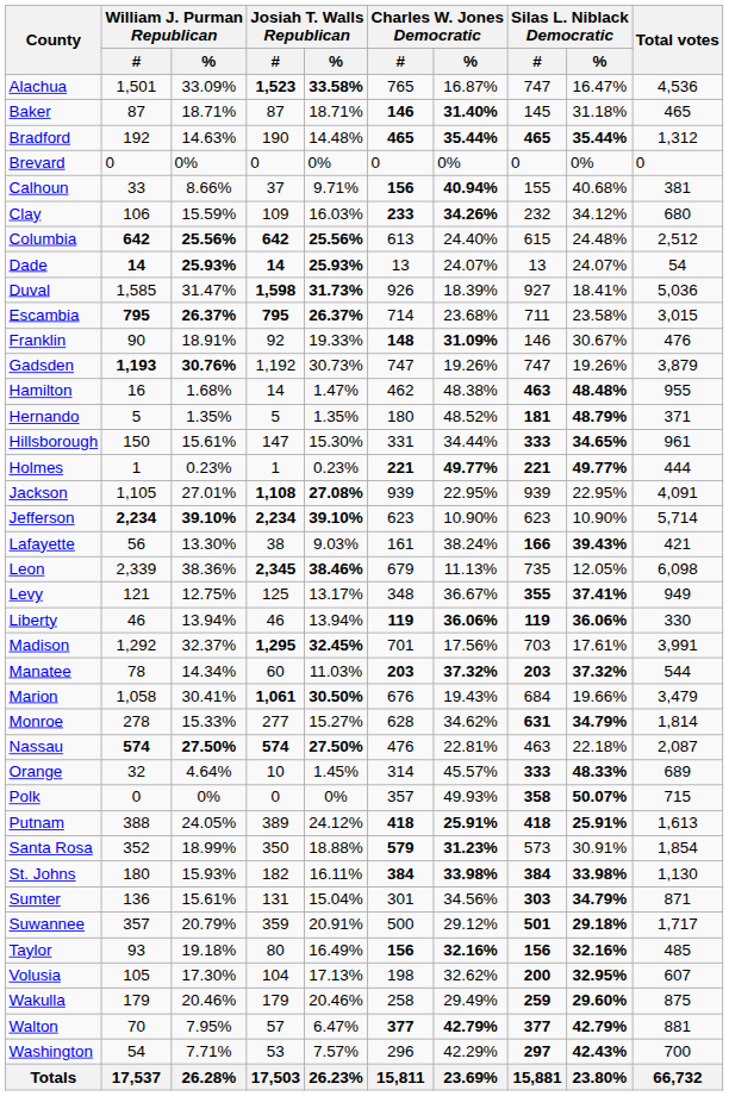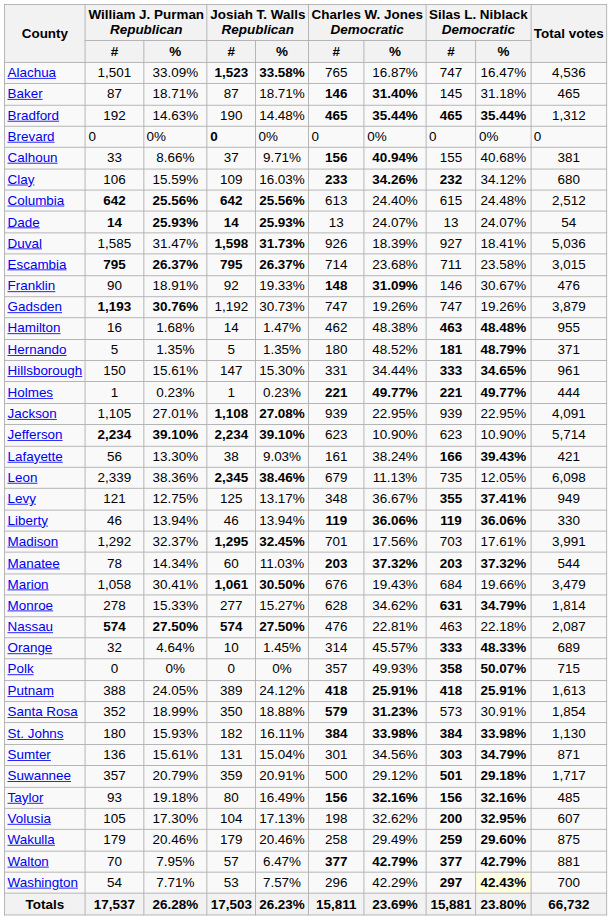 <table class="wikitable sortable">
 <tr>
 <th rowspan="2">County</th>
 <th colspan="2" style="text-align: center;" >William J. Purman <br><em>Republican</em></th>
 <th colspan="2" style="text-align: center;" >Josiah T. Walls <br><em>Republican</em></th>
 <th colspan="2" style="text-align: center;" >Charles W. Jones <br> <em>Democratic</em></th>
 <th colspan="2" style="text-align: center;" >Silas L. Niblack <br> <em>Democratic</em></th>
 <th rowspan="2">Total votes</th>
 </tr>
 <tr>
 <th colspan="1" style="text-align: center;" >#</th>
 <th colspan="1" style="text-align: center;" >%</th>
 <th colspan="1" style="text-align: center;" >#</th>
 <th colspan="1" style="text-align: center;" >%</th>
 <th colspan="1" style="text-align: center;" >#</th>
 <th colspan="1" style="text-align: center;" >%</th>
 <th colspan="1" style="text-align: center;" >#</th>
 <th colspan="1" style="text-align: center;" >%</th>
 </tr>
 <tr>
 <td><a href='#'>Alachua</a></td>
 <td align="center">1,501</td>
 <td align="center">33.09%</td>
 <td align="center"><strong>1,523</strong></td>
 <td align="center"><strong>33.58%</strong></td>
 <td align="center">765</td>
 <td align="center">16.87%</td>
 <td align="center">747</td>
 <td align="center">16.47%</td>
 <td align="center">4,536</td>
 </tr>
 <tr>
 <td><a href='#'>Baker</a></td>
 <td align="center">87</td>
 <td align="center">18.71%</td>
 <td align="center">87</td>
 <td align="center">18.71%</td>
 <td align="center"><strong>146</strong></td>
 <td align="center"><strong>31.40%</strong></td>
 <td align="center">145</td>
 <td align="center">31.18%</td>
 <td align="center">465</td>
 </tr>
 <tr>
 <td><a href='#'>Bradford</a></td>
 <td align="center">192</td>
 <td align="center">14.63%</td>
 <td align="center">190</td>
 <td align="center">14.48%</td>
 <td align="center"><strong>465</strong></td>
 <td align="center"><strong>35.44%</strong></td>
 <td align="center"><strong>465</strong></td>
 <td align="center"><strong>35.44%</strong></td>
 <td align="center">1,312</td>
 </tr>
 <tr>
 <td><a href='#'>Brevard</a></td>
 <td>0</td>
 <td>0%</td>
-<td>0</td>
+<td><strong>0</strong></td>
 <td>0%</td>
 <td>0</td>
 <td>0%</td>
 <td>0</td>
 <td>0%</td>
 <td>0</td>
 </tr>
 <tr>
 <td><a href='#'>Calhoun</a></td>
 <td align="center">33</td>
 <td align="center">8.66%</td>
 <td align="center">37</td>
 <td align="center">9.71%</td>
 <td align="center"><strong>156</strong></td>
 <td align="center"><strong>40.94%</strong></td>
 <td align="center">155</td>
 <td align="center">40.68%</td>
 <td align="center">381</td>
 </tr>
 <tr>
 <td><a href='#'>Clay</a></td>
 <td align="center">106</td>
 <td align="center">15.59%</td>
 <td align="center">109</td>
 <td align="center">16.03%</td>
 <td align="center"><strong>233</strong></td>
 <td align="center"><strong>34.26%</strong></td>
-<td align="center">232</td>
+<td align="center"><strong>232</strong></td>
 <td align="center">34.12%</td>
 <td align="center">680</td>
 </tr>
 <tr>
 <td><a href='#'>Columbia</a></td>
 <td align="center"><strong>642</strong></td>
 <td align="center"><strong>25.56%</strong></td>
 <td align="center"><strong>642</strong></td>
 <td align="center"><strong>25.56%</strong></td>
 <td align="center">613</td>
 <td align="center">24.40%</td>
 <td align="center">615</td>
 <td align="center">24.48%</td>
 <td align="center">2,512</td>
 </tr>
 <tr>
 <td><a href='#'>Dade</a></td>
 <td align="center"><strong>14</strong></td>
 <td align="center"><strong>25.93%</strong></td>
 <td align="center"><strong>14</strong></td>
 <td align="center"><strong>25.93%</strong></td>
 <td align="center">13</td>
 <td align="center">24.07%</td>
 <td align="center">13</td>
 <td align="center">24.07%</td>
 <td align="center">54</td>
 </tr>
 <tr>
 <td><a href='#'>Duval</a></td>
 <td align="center">1,585</td>
 <td align="center">31.47%</td>
 <td align="center"><strong>1,598</strong></td>
 <td align="center"><strong>31.73%</strong></td>
 <td align="center">926</td>
 <td align="center">18.39%</td>
 <td align="center">927</td>
 <td align="center">18.41%</td>
 <td align="center">5,036</td>
 </tr>
 <tr>
 <td><a href='#'>Escambia</a></td>
 <td align="center"><strong>795</strong></td>
 <td align="center"><strong>26.37%</strong></td>
 <td align="center"><strong>795</strong></td>
 <td align="center"><strong>26.37%</strong></td>
 <td align="center">714</td>
 <td align="center">23.68%</td>
 <td align="center">711</td>
 <td align="center">23.58%</td>
 <td align="center">3,015</td>
 </tr>
 <tr>
 <td><a href='#'>Franklin</a></td>
 <td align="center">90</td>
 <td align="center">18.91%</td>
 <td align="center">92</td>
 <td align="center">19.33%</td>
 <td align="center"><strong>148</strong></td>
 <td align="center"><strong>31.09%</strong></td>
 <td align="center">146</td>
 <td align="center">30.67%</td>
 <td align="center">476</td>
 </tr>
 <tr>
 <td><a href='#'>Gadsden</a></td>
 <td align="center"><strong>1,193</strong></td>
 <td align="center"><strong>30.76%</strong></td>
 <td align="center">1,192</td>
 <td align="center">30.73%</td>
 <td align="center">747</td>
 <td align="center">19.26%</td>
 <td align="center">747</td>
 <td align="center">19.26%</td>
 <td align="center">3,879</td>
 </tr>
 <tr>
 <td><a href='#'>Hamilton</a></td>
 <td align="center">16</td>
 <td align="center">1.68%</td>
 <td align="center">14</td>
 <td align="center">1.47%</td>
 <td align="center">462</td>
 <td align="center">48.38%</td>
 <td align="center"><strong>463</strong></td>
 <td align="center"><strong>48.48%</strong></td>
 <td align="center">955</td>
 </tr>
 <tr>
 <td><a href='#'>Hernando</a></td>
 <td align="center">5</td>
 <td align="center">1.35%</td>
 <td align="center">5</td>
 <td align="center">1.35%</td>
 <td align="center">180</td>
 <td align="center">48.52%</td>
 <td align="center"><strong>181</strong></td>
 <td align="center"><strong>48.79%</strong></td>
 <td align="center">371</td>
 </tr>
 <tr>
 <td><a href='#'>Hillsborough</a></td>
 <td align="center">150</td>
 <td align="center">15.61%</td>
 <td align="center">147</td>
 <td align="center">15.30%</td>
 <td align="center">331</td>
 <td align="center">34.44%</td>
 <td align="center"><strong>333</strong></td>
 <td align="center"><strong>34.65%</strong></td>
 <td align="center">961</td>
 </tr>
 <tr>
 <td><a href='#'>Holmes</a></td>
 <td align="center">1</td>
 <td align="center">0.23%</td>
 <td align="center">1</td>
 <td align="center">0.23%</td>
 <td align="center"><strong>221</strong></td>
 <td align="center"><strong>49.77%</strong></td>
 <td align="center"><strong>221</strong></td>
 <td align="center"><strong>49.77%</strong></td>
 <td align="center">444</td>
 </tr>
 <tr>
 <td><a href='#'>Jackson</a></td>
 <td align="center">1,105</td>
 <td align="center">27.01%</td>
 <td align="center"><strong>1,108</strong></td>
 <td align="center"><strong>27.08%</strong></td>
 <td align="center">939</td>
 <td align="center">22.95%</td>
 <td align="center">939</td>
 <td align="center">22.95%</td>
 <td align="center">4,091</td>
 </tr>
 <tr>
 <td><a href='#'>Jefferson</a></td>
 <td align="center"><strong>2,234</strong></td>
 <td align="center"><strong>39.10%</strong></td>
 <td align="center"><strong>2,234</strong></td>
 <td align="center"><strong>39.10%</strong></td>
 <td align="center">623</td>
 <td align="center">10.90%</td>
 <td align="center">623</td>
 <td align="center">10.90%</td>
 <td align="center">5,714</td>
 </tr>
 <tr>
 <td><a href='#'>Lafayette</a></td>
 <td align="center">56</td>
 <td align="center">13.30%</td>
 <td align="center">38</td>
 <td align="center">9.03%</td>
 <td align="center">161</td>
 <td align="center">38.24%</td>
 <td align="center"><strong>166</strong></td>
 <td align="center"><strong>39.43%</strong></td>
 <td align="center">421</td>
 </tr>
 <tr>
 <td><a href='#'>Leon</a></td>
 <td align="center">2,339</td>
 <td align="center">38.36%</td>
 <td align="center"><strong>2,345</strong></td>
 <td align="center"><strong>38.46%</strong></td>
 <td align="center">679</td>
 <td align="center">11.13%</td>
 <td align="center">735</td>
 <td align="center">12.05%</td>
 <td align="center">6,098</td>
 </tr>
 <tr>
 <td><a href='#'>Levy</a></td>
 <td align="center">121</td>
 <td align="center">12.75%</td>
 <td align="center">125</td>
 <td align="center">13.17%</td>
 <td align="center">348</td>
 <td align="center">36.67%</td>
 <td align="center"><strong>355</strong></td>
 <td align="center"><strong>37.41%</strong></td>
 <td align="center">949</td>
 </tr>
 <tr>
 <td><a href='#'>Liberty</a></td>
 <td align="center">46</td>
 <td align="center">13.94%</td>
 <td align="center">46</td>
 <td align="center">13.94%</td>
 <td align="center"><strong>119</strong></td>
 <td align="center"><strong>36.06%</strong></td>
 <td align="center"><strong>119</strong></td>
 <td align="center"><strong>36.06%</strong></td>
 <td align="center">330</td>
 </tr>
 <tr>
 <td><a href='#'>Madison</a></td>
 <td align="center">1,292</td>
 <td align="center">32.37%</td>
 <td align="center"><strong>1,295</strong></td>
 <td align="center"><strong>32.45%</strong></td>
 <td align="center">701</td>
 <td align="center">17.56%</td>
 <td align="center">703</td>
 <td align="center">17.61%</td>
 <td align="center">3,991</td>
 </tr>
 <tr>
 <td><a href='#'>Manatee</a></td>
 <td align="center">78</td>
 <td align="center">14.34%</td>
 <td align="center">60</td>
 <td align="center">11.03%</td>
 <td align="center"><strong>203</strong></td>
 <td align="center"><strong>37.32%</strong></td>
 <td align="center"><strong>203</strong></td>
 <td align="center"><strong>37.32%</strong></td>
 <td align="center">544</td>
 </tr>
 <tr>
 <td><a href='#'>Marion</a></td>
 <td align="center">1,058</td>
 <td align="center">30.41%</td>
 <td align="center"><strong>1,061</strong></td>
 <td align="center"><strong>30.50%</strong></td>
 <td align="center">676</td>
 <td align="center">19.43%</td>
 <td align="center">684</td>
 <td align="center">19.66%</td>
 <td align="center">3,479</td>
 </tr>
 <tr>
 <td><a href='#'>Monroe</a></td>
 <td align="center">278</td>
 <td align="center">15.33%</td>
 <td align="center">277</td>
 <td align="center">15.27%</td>
 <td align="center">628</td>
 <td align="center">34.62%</td>
 <td align="center"><strong>631</strong></td>
 <td align="center"><strong>34.79%</strong></td>
 <td align="center">1,814</td>
 </tr>
 <tr>
 <td><a href='#'>Nassau</a></td>
 <td align="center"><strong>574</strong></td>
 <td align="center"><strong>27.50%</strong></td>
 <td align="center"><strong>574</strong></td>
 <td align="center"><strong>27.50%</strong></td>
 <td align="center">476</td>
 <td align="center">22.81%</td>
 <td align="center">463</td>
 <td align="center">22.18%</td>
 <td align="center">2,087</td>
 </tr>
 <tr>
 <td><a href='#'>Orange</a></td>
 <td align="center">32</td>
 <td align="center">4.64%</td>
 <td align="center">10</td>
 <td align="center">1.45%</td>
 <td align="center">314</td>
 <td align="center">45.57%</td>
 <td align="center"><strong>333</strong></td>
 <td align="center"><strong>48.33%</strong></td>
 <td align="center">689</td>
 </tr>
 <tr>
 <td><a href='#'>Polk</a></td>
 <td align="center">0</td>
 <td align="center">0%</td>
 <td align="center">0</td>
 <td align="center">0%</td>
 <td align="center">357</td>
 <td align="center">49.93%</td>
 <td align="center"><strong>358</strong></td>
 <td align="center"><strong>50.07%</strong></td>
 <td align="center">715</td>
 </tr>
 <tr>
 <td><a href='#'>Putnam</a></td>
 <td align="center">388</td>
 <td align="center">24.05%</td>
 <td align="center">389</td>
 <td align="center">24.12%</td>
 <td align="center"><strong>418</strong></td>
 <td align="center"><strong>25.91%</strong></td>
 <td align="center"><strong>418</strong></td>
 <td align="center"><strong>25.91%</strong></td>
 <td align="center">1,613</td>
 </tr>
 <tr>
 <td><a href='#'>Santa Rosa</a></td>
 <td align="center">352</td>
 <td align="center">18.99%</td>
 <td align="center">350</td>
 <td align="center">18.88%</td>
 <td align="center"><strong>579</strong></td>
 <td align="center"><strong>31.23%</strong></td>
 <td align="center">573</td>
 <td align="center">30.91%</td>
 <td align="center">1,854</td>
 </tr>
 <tr>
 <td><a href='#'>St. Johns</a></td>
 <td align="center">180</td>
 <td align="center">15.93%</td>
 <td align="center">182</td>
 <td align="center">16.11%</td>
 <td align="center"><strong>384</strong></td>
 <td align="center"><strong>33.98%</strong></td>
 <td align="center"><strong>384</strong></td>
 <td align="center"><strong>33.98%</strong></td>
 <td align="center">1,130</td>
 </tr>
 <tr>
 <td><a href='#'>Sumter</a></td>
 <td align="center">136</td>
 <td align="center">15.61%</td>
 <td align="center">131</td>
 <td align="center">15.04%</td>
 <td align="center">301</td>
 <td align="center">34.56%</td>
 <td align="center"><strong>303</strong></td>
 <td align="center"><strong>34.79%</strong></td>
 <td align="center">871</td>
 </tr>
 <tr>
 <td><a href='#'>Suwannee</a></td>
 <td align="center">357</td>
 <td align="center">20.79%</td>
 <td align="center">359</td>
 <td align="center">20.91%</td>
 <td align="center">500</td>
 <td align="center">29.12%</td>
 <td align="center"><strong>501</strong></td>
 <td align="center"><strong>29.18%</strong></td>
 <td align="center">1,717</td>
 </tr>
 <tr>
 <td><a href='#'>Taylor</a></td>
 <td align="center">93</td>
 <td align="center">19.18%</td>
 <td align="center">80</td>
 <td align="center">16.49%</td>
 <td align="center"><strong>156</strong></td>
 <td align="center"><strong>32.16%</strong></td>
 <td align="center"><strong>156</strong></td>
 <td align="center"><strong>32.16%</strong></td>
 <td align="center">485</td>
 </tr>
 <tr>
 <td><a href='#'>Volusia</a></td>
 <td align="center">105</td>
 <td align="center">17.30%</td>
 <td align="center">104</td>
 <td align="center">17.13%</td>
 <td align="center">198</td>
 <td align="center">32.62%</td>
 <td align="center"><strong>200</strong></td>
 <td align="center"><strong>32.95%</strong></td>
 <td align="center">607</td>
 </tr>
 <tr>
 <td><a href='#'>Wakulla</a></td>
 <td align="center">179</td>
 <td align="center">20.46%</td>
 <td align="center">179</td>
 <td align="center">20.46%</td>
 <td align="center">258</td>
 <td align="center">29.49%</td>
 <td align="center"><strong>259</strong></td>
 <td align="center"><strong>29.60%</strong></td>
 <td align="center">875</td>
 </tr>
 <tr>
 <td><a href='#'>Walton</a></td>
 <td align="center">70</td>
 <td align="center">7.95%</td>
 <td align="center">57</td>
 <td align="center">6.47%</td>
 <td align="center"><strong>377</strong></td>
 <td align="center"><strong>42.79%</strong></td>
 <td align="center"><strong>377</strong></td>
 <td align="center"><strong>42.79%</strong></td>
 <td align="center">881</td>
 </tr>
 <tr>
 <td><a href='#'>Washington</a></td>
 <td align="center">54</td>
 <td align="center">7.71%</td>
 <td align="center">53</td>
 <td align="center">7.57%</td>
 <td align="center">296</td>
 <td align="center">42.29%</td>
 <td align="center"><strong>297</strong></td>
-<td align="center"><strong>42.43%</strong></td>
+<td align="center" style="background: lightyellow;"><strong>42.43%</strong></td>
 <td align="center">700</td>
 </tr>
 <tr>
 <th>Totals</th>
 <th><strong>17,537</strong></th>
 <th><strong>26.28%</strong></th>
 <th><strong>17,503</strong></th>
 <th><strong>26.23%</strong></th>
 <th><strong>15,811</strong></th>
 <th><strong>23.69%</strong></th>
 <th><strong>15,881</strong></th>
 <th><strong>23.80%</strong></th>
 <th>66,732</th>
 </tr>
 </table>
